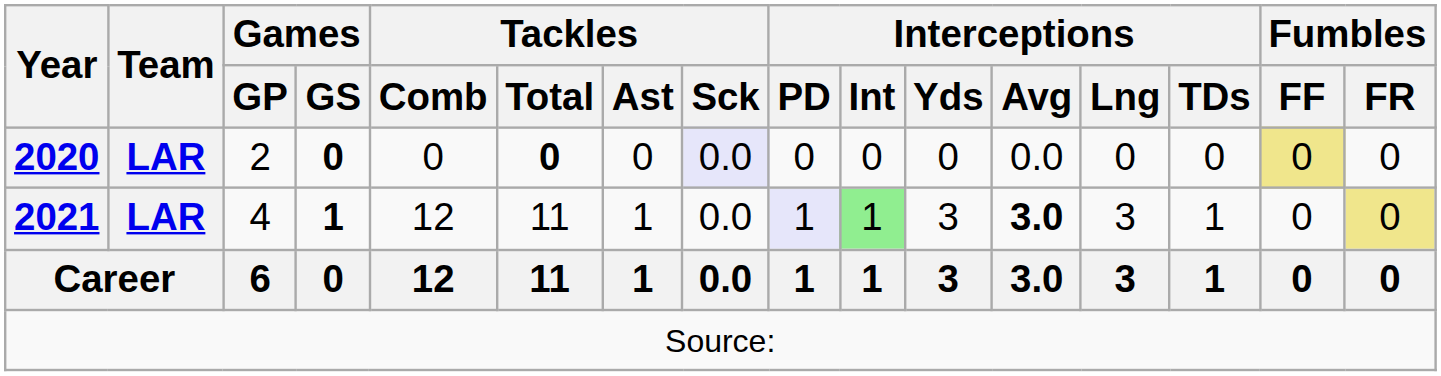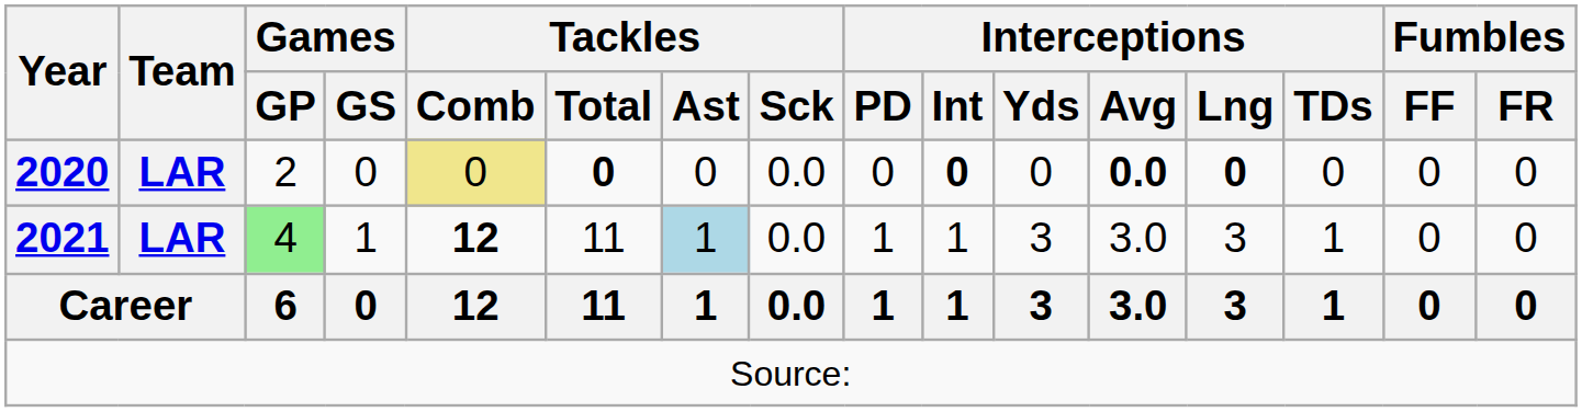 <table class="wikitable" style="text-align: center;">
 <tr>
 <th rowspan="2">Year</th>
 <th rowspan="2">Team</th>
 <th colspan="2">Games</th>
 <th colspan="4">Tackles</th>
 <th colspan="6">Interceptions</th>
 <th colspan="2">Fumbles</th>
 </tr>
 <tr>
 <th>GP</th>
 <th>GS</th>
 <th>Comb</th>
 <th>Total</th>
 <th>Ast</th>
 <th>Sck</th>
 <th>PD</th>
 <th>Int</th>
 <th>Yds</th>
 <th>Avg</th>
 <th>Lng</th>
 <th>TDs</th>
 <th>FF</th>
 <th>FR</th>
 </tr>
 <tr>
 <th><a href='#'>2020</a></th>
 <th><a href='#'>LAR</a></th>
 <td>2</td>
+<td>0</td>
+<td style="background: khaki;">0</td>
 <td><strong>0</strong></td>
+<td>0</td>
+<td>0.0</td>
 <td>0</td>
 <td><strong>0</strong></td>
 <td>0</td>
-<td style="background: lavender;">0.0</td>
+<td><strong>0.0</strong></td>
+<td><strong>0</strong></td>
 <td>0</td>
 <td>0</td>
-<td>0</td>
-<td>0.0</td>
-<td>0</td>
-<td>0</td>
-<td style="background: khaki;">0</td>
 <td>0</td>
 </tr>
 <tr>
 <th><a href='#'>2021</a></th>
 <th><a href='#'>LAR</a></th>
-<td>4</td>
-<td><strong>1</strong></td>
-<td>12</td>
+<td style="background: lightgreen;">4</td>
+<td>1</td>
+<td><strong>12</strong></td>
 <td>11</td>
+<td style="background: lightblue;">1</td>
+<td>0.0</td>
 <td>1</td>
-<td>0.0</td>
-<td style="background: lavender;">1</td>
-<td style="background: lightgreen;">1</td>
+<td>1</td>
 <td>3</td>
-<td><strong>3.0</strong></td>
+<td>3.0</td>
 <td>3</td>
 <td>1</td>
 <td>0</td>
-<td style="background: khaki;">0</td>
+<td>0</td>
 </tr>
 <tr>
 <th colspan="2">Career</th>
 <th>6</th>
 <th>0</th>
 <th>12</th>
 <th>11</th>
 <th>1</th>
 <th>0.0</th>
 <th>1</th>
 <th>1</th>
 <th>3</th>
 <th>3.0</th>
 <th>3</th>
 <th>1</th>
 <th>0</th>
 <th>0</th>
 </tr>
 <tr>
 <td colspan="18"><small>Source: </small></td>
 </tr>
 </table>
